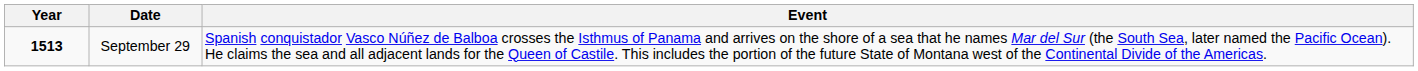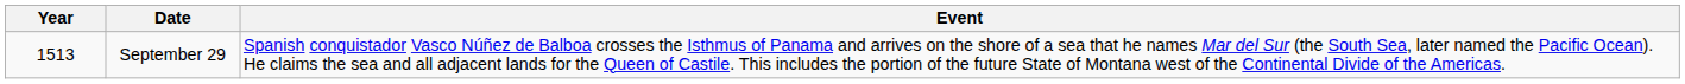 <table class="wikitable" style="width:100%;">
 <tr>
 <th style="width:6%">Year</th>
 <th style="width:8%">Date</th>
 <th style="width:86%">Event</th>
 </tr>
 <tr>
-<td align=center><strong>1513</strong></td>
+<td align=center>1513</td>
 <td align=center>September 29</td>
 <td><a href='#'>Spanish</a> <a href='#'>conquistador</a> <a href='#'>Vasco Núñez de Balboa</a> crosses the <a href='#'>Isthmus of Panama</a> and arrives on the shore of a sea that he names <em><a href='#'>Mar del Sur</a></em> (the <a href='#'>South Sea</a>, later named the <a href='#'>Pacific Ocean</a>).  He claims the sea and all adjacent lands for the <a href='#'>Queen of Castile</a>.  This includes the portion of the future State of Montana west of the <a href='#'>Continental Divide of the Americas</a>.</td>
 </tr>
 </table>
